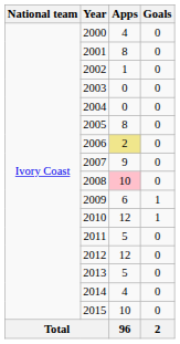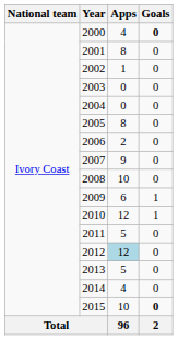 <table class="wikitable" style="text-align:center">
 <tr>
 <th>National team</th>
 <th>Year</th>
 <th>Apps</th>
 <th>Goals</th>
 </tr>
 <tr>
 <td rowspan="16"><a href='#'>Ivory Coast</a></td>
 <td>2000</td>
 <td>4</td>
-<td>0</td>
+<td><strong>0</strong></td>
 </tr>
 <tr>
 <td>2001</td>
 <td>8</td>
 <td>0</td>
 </tr>
 <tr>
 <td>2002</td>
 <td>1</td>
 <td>0</td>
 </tr>
 <tr>
 <td>2003</td>
 <td>0</td>
 <td>0</td>
 </tr>
 <tr>
 <td>2004</td>
 <td>0</td>
 <td>0</td>
 </tr>
 <tr>
 <td>2005</td>
 <td>8</td>
 <td>0</td>
 </tr>
 <tr>
 <td>2006</td>
-<td style="background: khaki;">2</td>
+<td>2</td>
 <td>0</td>
 </tr>
 <tr>
 <td>2007</td>
 <td>9</td>
 <td>0</td>
 </tr>
 <tr>
 <td>2008</td>
-<td style="background: pink;">10</td>
+<td>10</td>
 <td>0</td>
 </tr>
 <tr>
 <td>2009</td>
 <td>6</td>
 <td>1</td>
 </tr>
 <tr>
 <td>2010</td>
 <td>12</td>
 <td>1</td>
 </tr>
 <tr>
 <td>2011</td>
 <td>5</td>
 <td>0</td>
 </tr>
 <tr>
 <td>2012</td>
-<td>12</td>
+<td style="background: lightblue;">12</td>
 <td>0</td>
 </tr>
 <tr>
 <td>2013</td>
 <td>5</td>
 <td>0</td>
 </tr>
 <tr>
 <td>2014</td>
 <td>4</td>
 <td>0</td>
 </tr>
 <tr>
 <td>2015</td>
 <td>10</td>
-<td>0</td>
+<td><strong>0</strong></td>
 </tr>
 <tr>
 <th colspan="2">Total</th>
 <th>96</th>
 <th>2</th>
 </tr>
 </table>
